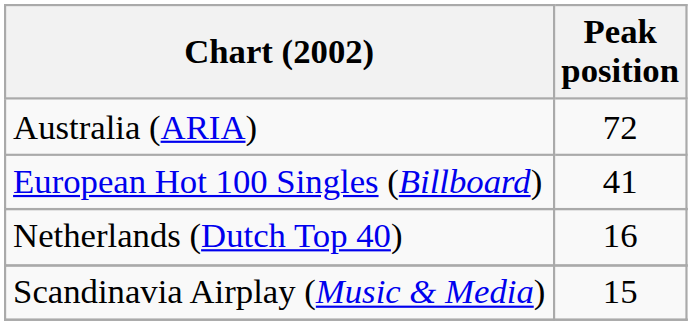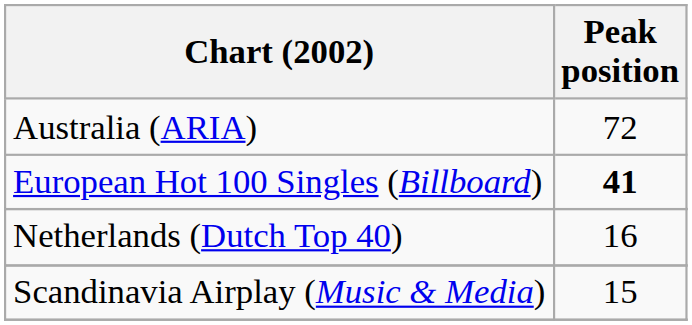 <table class="wikitable sortable">
 <tr>
 <th>Chart (2002)</th>
 <th>Peak<br>position</th>
 </tr>
 <tr>
 <td>Australia (<a href='#'>ARIA</a>)</td>
 <td align="center">72</td>
 </tr>
 <tr>
 <td><a href='#'>European Hot 100 Singles</a> (<em><a href='#'>Billboard</a></em>)</td>
-<td align="center">41</td>
+<td align="center"><strong>41</strong></td>
 </tr>
 <tr>
 </tr>
 <tr>
 </tr>
 <tr>
 </tr>
 <tr>
 <td>Netherlands (<a href='#'>Dutch Top 40</a>)</td>
 <td align=center>16</td>
 </tr>
 <tr>
 </tr>
 <tr>
 <td>Scandinavia Airplay (<em><a href='#'>Music & Media</a></em>)</td>
 <td align=center>15</td>
 </tr>
 <tr>
 </tr>
 <tr>
 </tr>
 <tr>
 </tr>
 <tr>
 </tr>
 <tr>
 </tr>
 <tr>
 </tr>
 <tr>
 </tr>
 </table>
